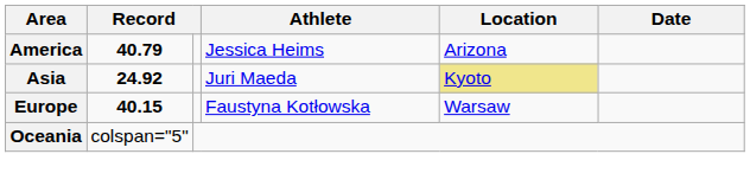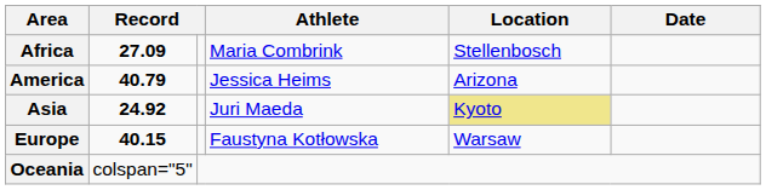 <table class="wikitable">
 <tr>
 <th width="45">Area</th>
 <th width="80" colspan="2">Record</th>
 <th width="200">Athlete</th>
 <th width="130">Location</th>
 <th width="120">Date</th>
+</tr>
+<tr>
+<th>Africa</th>
+<td align="center"><strong>27.09</strong></td>
+<td align="center"></td>
+<td> <a href='#'>Maria Combrink</a></td>
+<td> <a href='#'>Stellenbosch</a></td>
+<td align="right"></td>
 </tr>
 <tr>
 <th>America</th>
 <td align="center"><strong>40.79</strong></td>
 <td align="center"></td>
 <td> <a href='#'>Jessica Heims</a></td>
 <td> <a href='#'>Arizona</a></td>
 <td align="right"></td>
 </tr>
 <tr>
 <th>Asia</th>
 <td align="center"><strong>24.92</strong></td>
 <td align="center"></td>
 <td> <a href='#'>Juri Maeda</a></td>
 <td style="background: khaki;"> <a href='#'>Kyoto</a></td>
 <td align="right"></td>
 </tr>
 <tr>
 <th>Europe</th>
 <td align="center"><strong>40.15</strong></td>
 <td align="center"><strong></strong></td>
 <td> <a href='#'>Faustyna Kotłowska</a></td>
 <td> <a href='#'>Warsaw</a></td>
 <td align="right"></td>
 </tr>
 <tr>
 <th>Oceania</th>
 <td>colspan="5" </td>
 </tr>
 </table>
